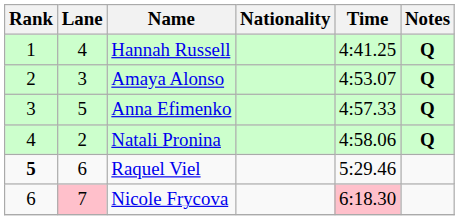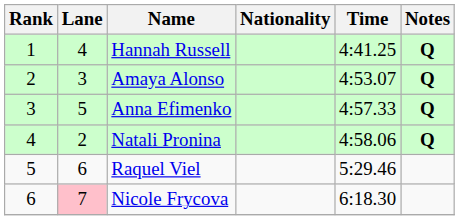 <table class="wikitable">
 <tr>
 <th>Rank</th>
 <th>Lane</th>
 <th>Name</th>
 <th>Nationality</th>
 <th>Time</th>
 <th>Notes</th>
 </tr>
 <tr bgcolor=ccffcc>
 <td align=center>1</td>
 <td align=center>4</td>
 <td><a href='#'>Hannah Russell</a></td>
 <td></td>
 <td align=center>4:41.25</td>
 <td align=center><strong>Q</strong></td>
 </tr>
 <tr bgcolor=ccffcc>
 <td align=center>2</td>
 <td align=center>3</td>
 <td><a href='#'>Amaya Alonso</a></td>
 <td></td>
 <td align=center>4:53.07</td>
 <td align=center><strong>Q</strong></td>
 </tr>
 <tr bgcolor=ccffcc>
 <td align=center>3</td>
 <td align=center>5</td>
 <td><a href='#'>Anna Efimenko</a></td>
 <td></td>
 <td align=center>4:57.33</td>
 <td align=center><strong>Q</strong></td>
 </tr>
 <tr bgcolor=ccffcc>
 <td align=center>4</td>
 <td align=center>2</td>
 <td><a href='#'>Natali Pronina</a></td>
 <td></td>
 <td align=center>4:58.06</td>
 <td align=center><strong>Q</strong></td>
 </tr>
 <tr>
-<td align=center><strong>5</strong></td>
+<td align=center>5</td>
 <td align=center>6</td>
 <td><a href='#'>Raquel Viel</a></td>
 <td></td>
 <td align=center>5:29.46</td>
 <td align=center></td>
 </tr>
 <tr>
 <td align=center>6</td>
 <td align=center style="background: pink;">7</td>
 <td><a href='#'>Nicole Frycova</a></td>
 <td></td>
-<td align=center style="background: pink;">6:18.30</td>
+<td align=center>6:18.30</td>
 <td align=center></td>
 </tr>
 <tr>
 </tr>
 </table>
